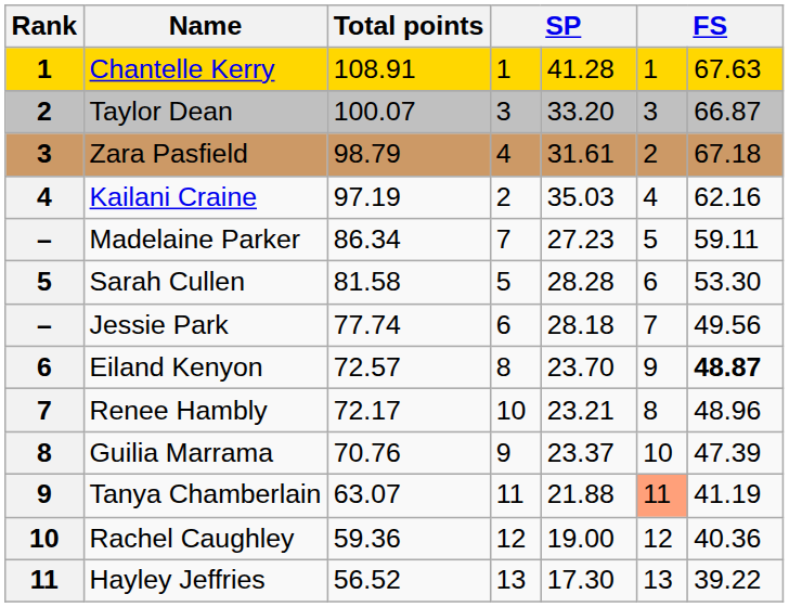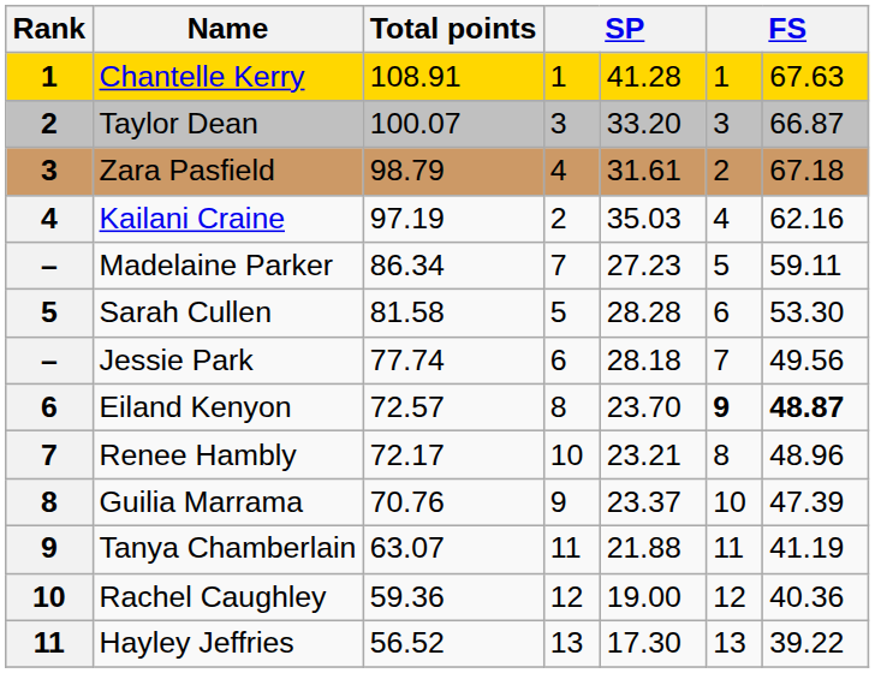 <table class="wikitable sortable">
 <tr>
 <th>Rank</th>
 <th>Name</th>
 <th>Total points</th>
 <th colspan="2" width="80px"><a href='#'>SP</a></th>
 <th colspan="2" width="80px"><a href='#'>FS</a></th>
 </tr>
 <tr bgcolor="gold">
 <td align="center"><strong>1</strong></td>
 <td><a href='#'>Chantelle Kerry</a></td>
 <td>108.91</td>
 <td>1</td>
 <td>41.28</td>
 <td>1</td>
 <td>67.63</td>
 </tr>
 <tr bgcolor="silver">
 <td align="center"><strong>2</strong></td>
 <td>Taylor Dean</td>
 <td>100.07</td>
 <td>3</td>
 <td>33.20</td>
 <td>3</td>
 <td>66.87</td>
 </tr>
 <tr bgcolor="cc9966">
 <td align="center"><strong>3</strong></td>
 <td>Zara Pasfield</td>
 <td>98.79</td>
 <td>4</td>
 <td>31.61</td>
 <td>2</td>
 <td>67.18</td>
 </tr>
 <tr>
 <th>4</th>
 <td><a href='#'>Kailani Craine</a></td>
 <td>97.19</td>
 <td>2</td>
 <td>35.03</td>
 <td>4</td>
 <td>62.16</td>
 </tr>
 <tr>
 <th>–</th>
 <td>Madelaine Parker</td>
 <td>86.34</td>
 <td>7</td>
 <td>27.23</td>
 <td>5</td>
 <td>59.11</td>
 </tr>
 <tr>
 <th>5</th>
 <td>Sarah Cullen</td>
 <td>81.58</td>
 <td>5</td>
 <td>28.28</td>
 <td>6</td>
 <td>53.30</td>
 </tr>
 <tr>
 <th>–</th>
 <td>Jessie Park</td>
 <td>77.74</td>
 <td>6</td>
 <td>28.18</td>
 <td>7</td>
 <td>49.56</td>
 </tr>
 <tr>
 <th>6</th>
 <td>Eiland Kenyon</td>
 <td>72.57</td>
 <td>8</td>
 <td>23.70</td>
-<td>9</td>
+<td><strong>9</strong></td>
 <td><strong>48.87</strong></td>
 </tr>
 <tr>
 <th>7</th>
 <td>Renee Hambly</td>
 <td>72.17</td>
 <td>10</td>
 <td>23.21</td>
 <td>8</td>
 <td>48.96</td>
 </tr>
 <tr>
 <th>8</th>
 <td>Guilia Marrama</td>
 <td>70.76</td>
 <td>9</td>
 <td>23.37</td>
 <td>10</td>
 <td>47.39</td>
 </tr>
 <tr>
 <th>9</th>
 <td>Tanya Chamberlain</td>
 <td>63.07</td>
 <td>11</td>
 <td>21.88</td>
-<td style="background: lightsalmon;">11</td>
+<td>11</td>
 <td>41.19</td>
 </tr>
 <tr>
 <th>10</th>
 <td>Rachel Caughley</td>
 <td>59.36</td>
 <td>12</td>
 <td>19.00</td>
 <td>12</td>
 <td>40.36</td>
 </tr>
 <tr>
 <th>11</th>
 <td>Hayley Jeffries</td>
 <td>56.52</td>
 <td>13</td>
 <td>17.30</td>
 <td>13</td>
 <td>39.22</td>
 </tr>
 </table>
